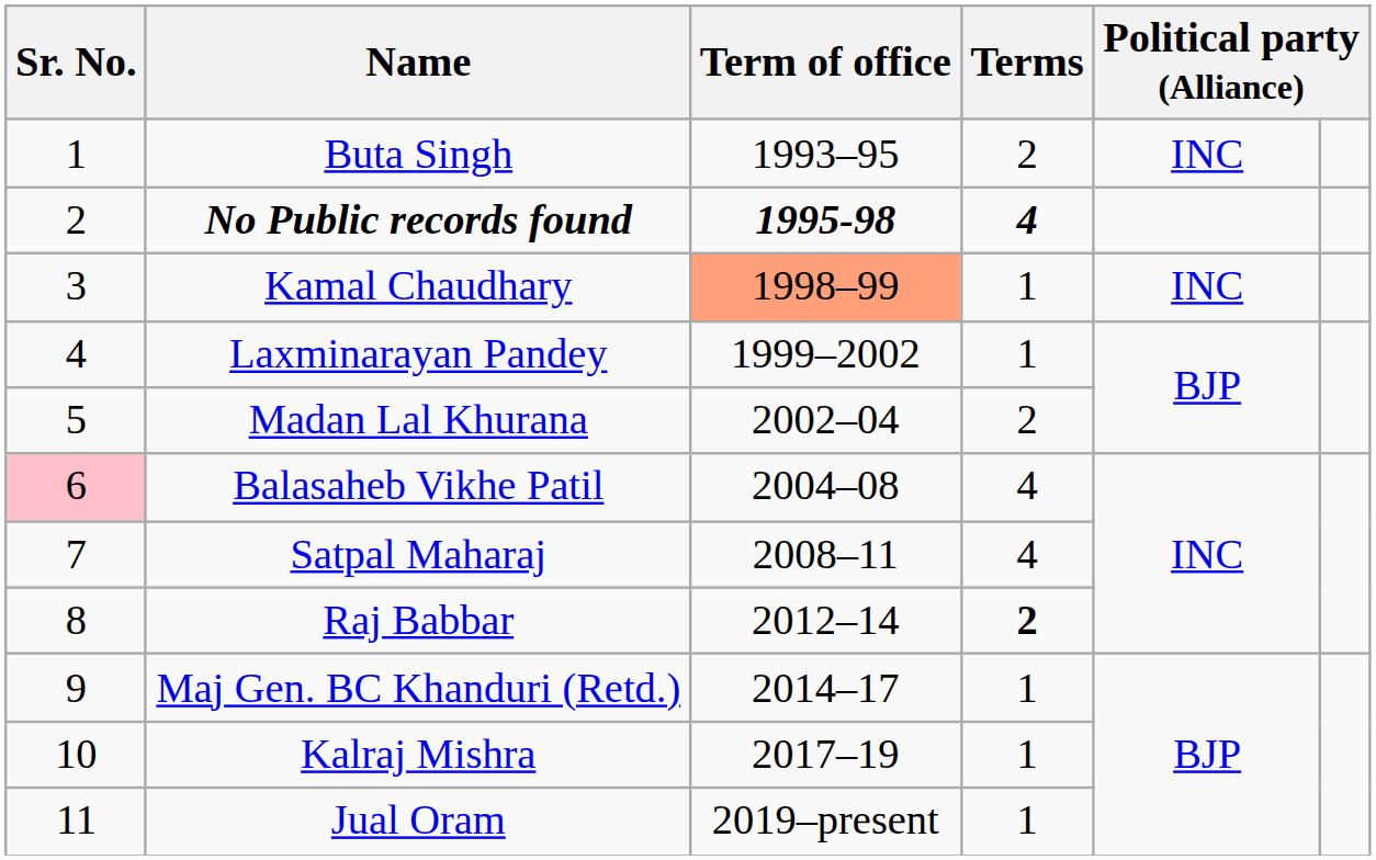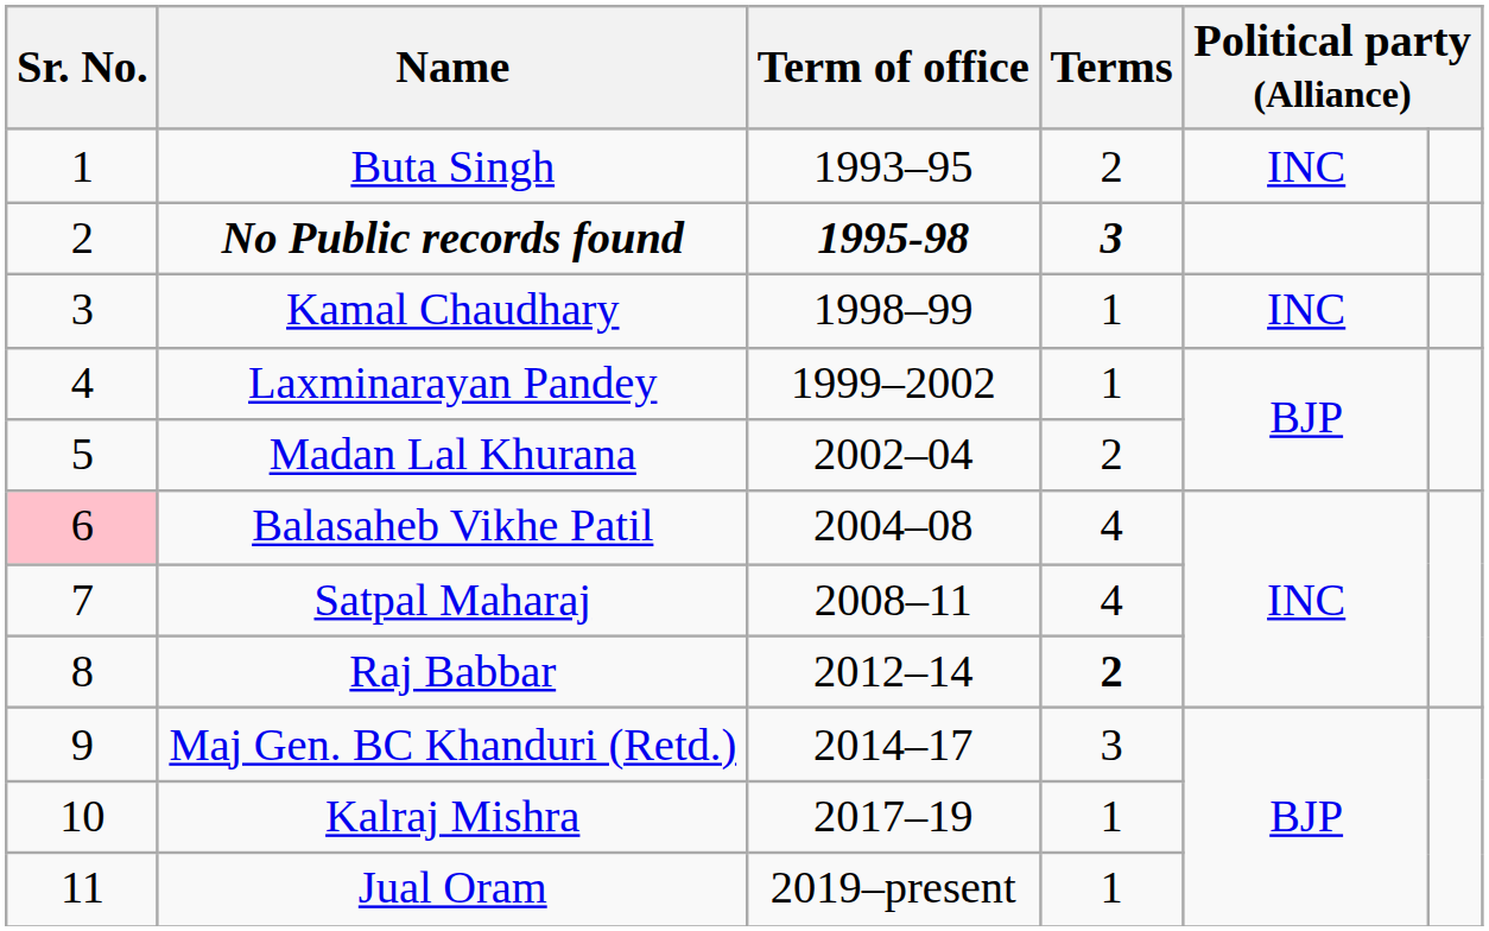 <table class="wikitable sortable">
 <tr>
 <th>Sr. No.</th>
 <th>Name</th>
 <th>Term of office</th>
 <th>Terms</th>
 <th colspan="2">Political party<br><small>(Alliance)</small></th>
 </tr>
 <tr align="center">
 <td>1</td>
 <td><a href='#'>Buta Singh</a></td>
 <td>1993–95</td>
 <td>2</td>
 <td><a href='#'>INC</a></td>
 <td></td>
 </tr>
 <tr align="center">
 <td>2</td>
 <td><strong><em>No Public records found</em></strong></td>
 <td><strong><em>1995-98</em></strong></td>
-<td><strong><em>4</em></strong></td>
+<td><strong><em>3</em></strong></td>
 <td></td>
 <td></td>
 </tr>
 <tr align="center">
 <td>3</td>
 <td><a href='#'>Kamal Chaudhary</a></td>
-<td style="background: lightsalmon;">1998–99</td>
+<td>1998–99</td>
 <td>1</td>
 <td><a href='#'>INC</a></td>
 <td></td>
 </tr>
 <tr align="center">
 <td>4</td>
 <td><a href='#'>Laxminarayan Pandey</a></td>
 <td>1999–2002</td>
 <td>1</td>
 <td rowspan="2"><a href='#'>BJP</a></td>
 <td rowspan="2"></td>
 </tr>
 <tr align="center">
 <td>5</td>
 <td><a href='#'>Madan Lal Khurana</a></td>
 <td>2002–04</td>
 <td>2</td>
 </tr>
 <tr align="center">
 <td style="background: pink;">6</td>
 <td><a href='#'>Balasaheb Vikhe Patil</a></td>
 <td>2004–08</td>
 <td>4</td>
 <td rowspan="3"><a href='#'>INC</a></td>
 <td rowspan="3"></td>
 </tr>
 <tr align="center">
 <td>7</td>
 <td><a href='#'>Satpal Maharaj</a></td>
 <td>2008–11</td>
 <td>4</td>
 </tr>
 <tr align="center">
 <td>8</td>
 <td><a href='#'>Raj Babbar</a></td>
 <td>2012–14</td>
 <td><strong>2</strong></td>
 </tr>
 <tr align="center">
 <td>9</td>
 <td><a href='#'>Maj Gen. BC Khanduri (Retd.)</a></td>
 <td>2014–17</td>
-<td>1</td>
+<td>3</td>
 <td rowspan="3"><a href='#'>BJP</a></td>
 <td rowspan="3"></td>
 </tr>
 <tr align="center">
 <td>10</td>
 <td><a href='#'>Kalraj Mishra</a></td>
 <td>2017–19</td>
 <td>1</td>
 </tr>
 <tr align="center">
 <td>11</td>
 <td><a href='#'>Jual Oram</a></td>
 <td>2019–present</td>
 <td>1</td>
 </tr>
 </table>
